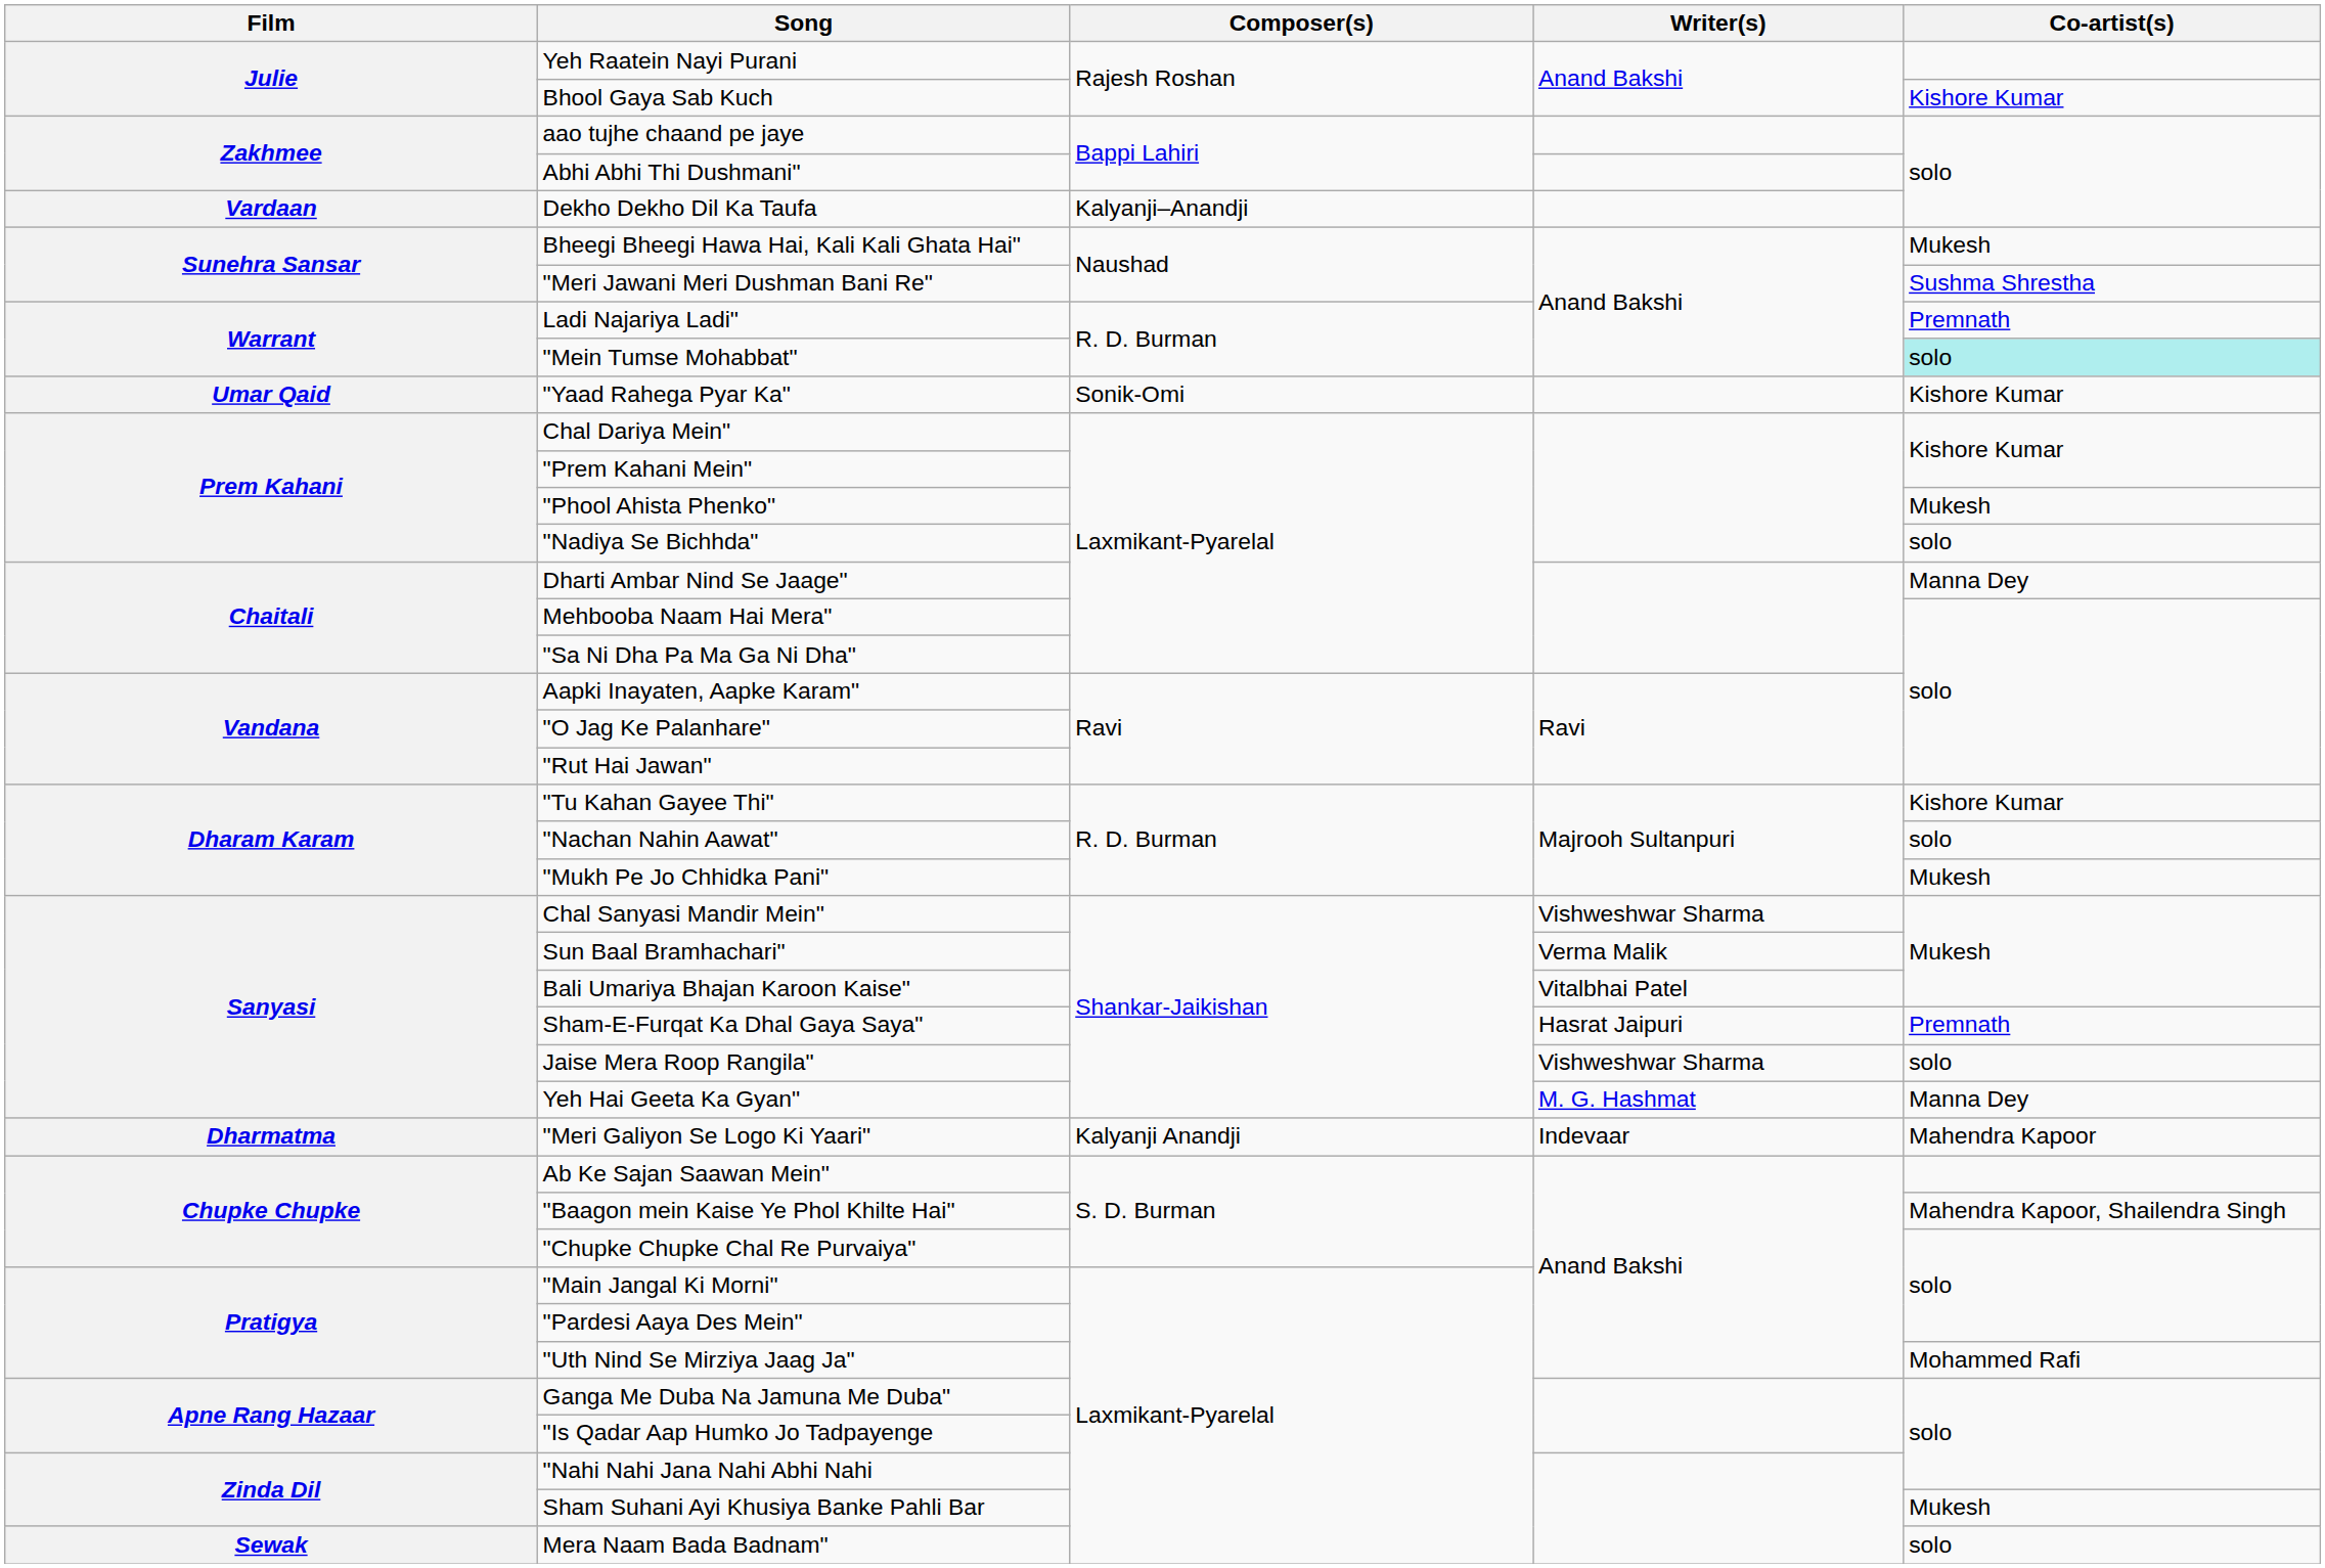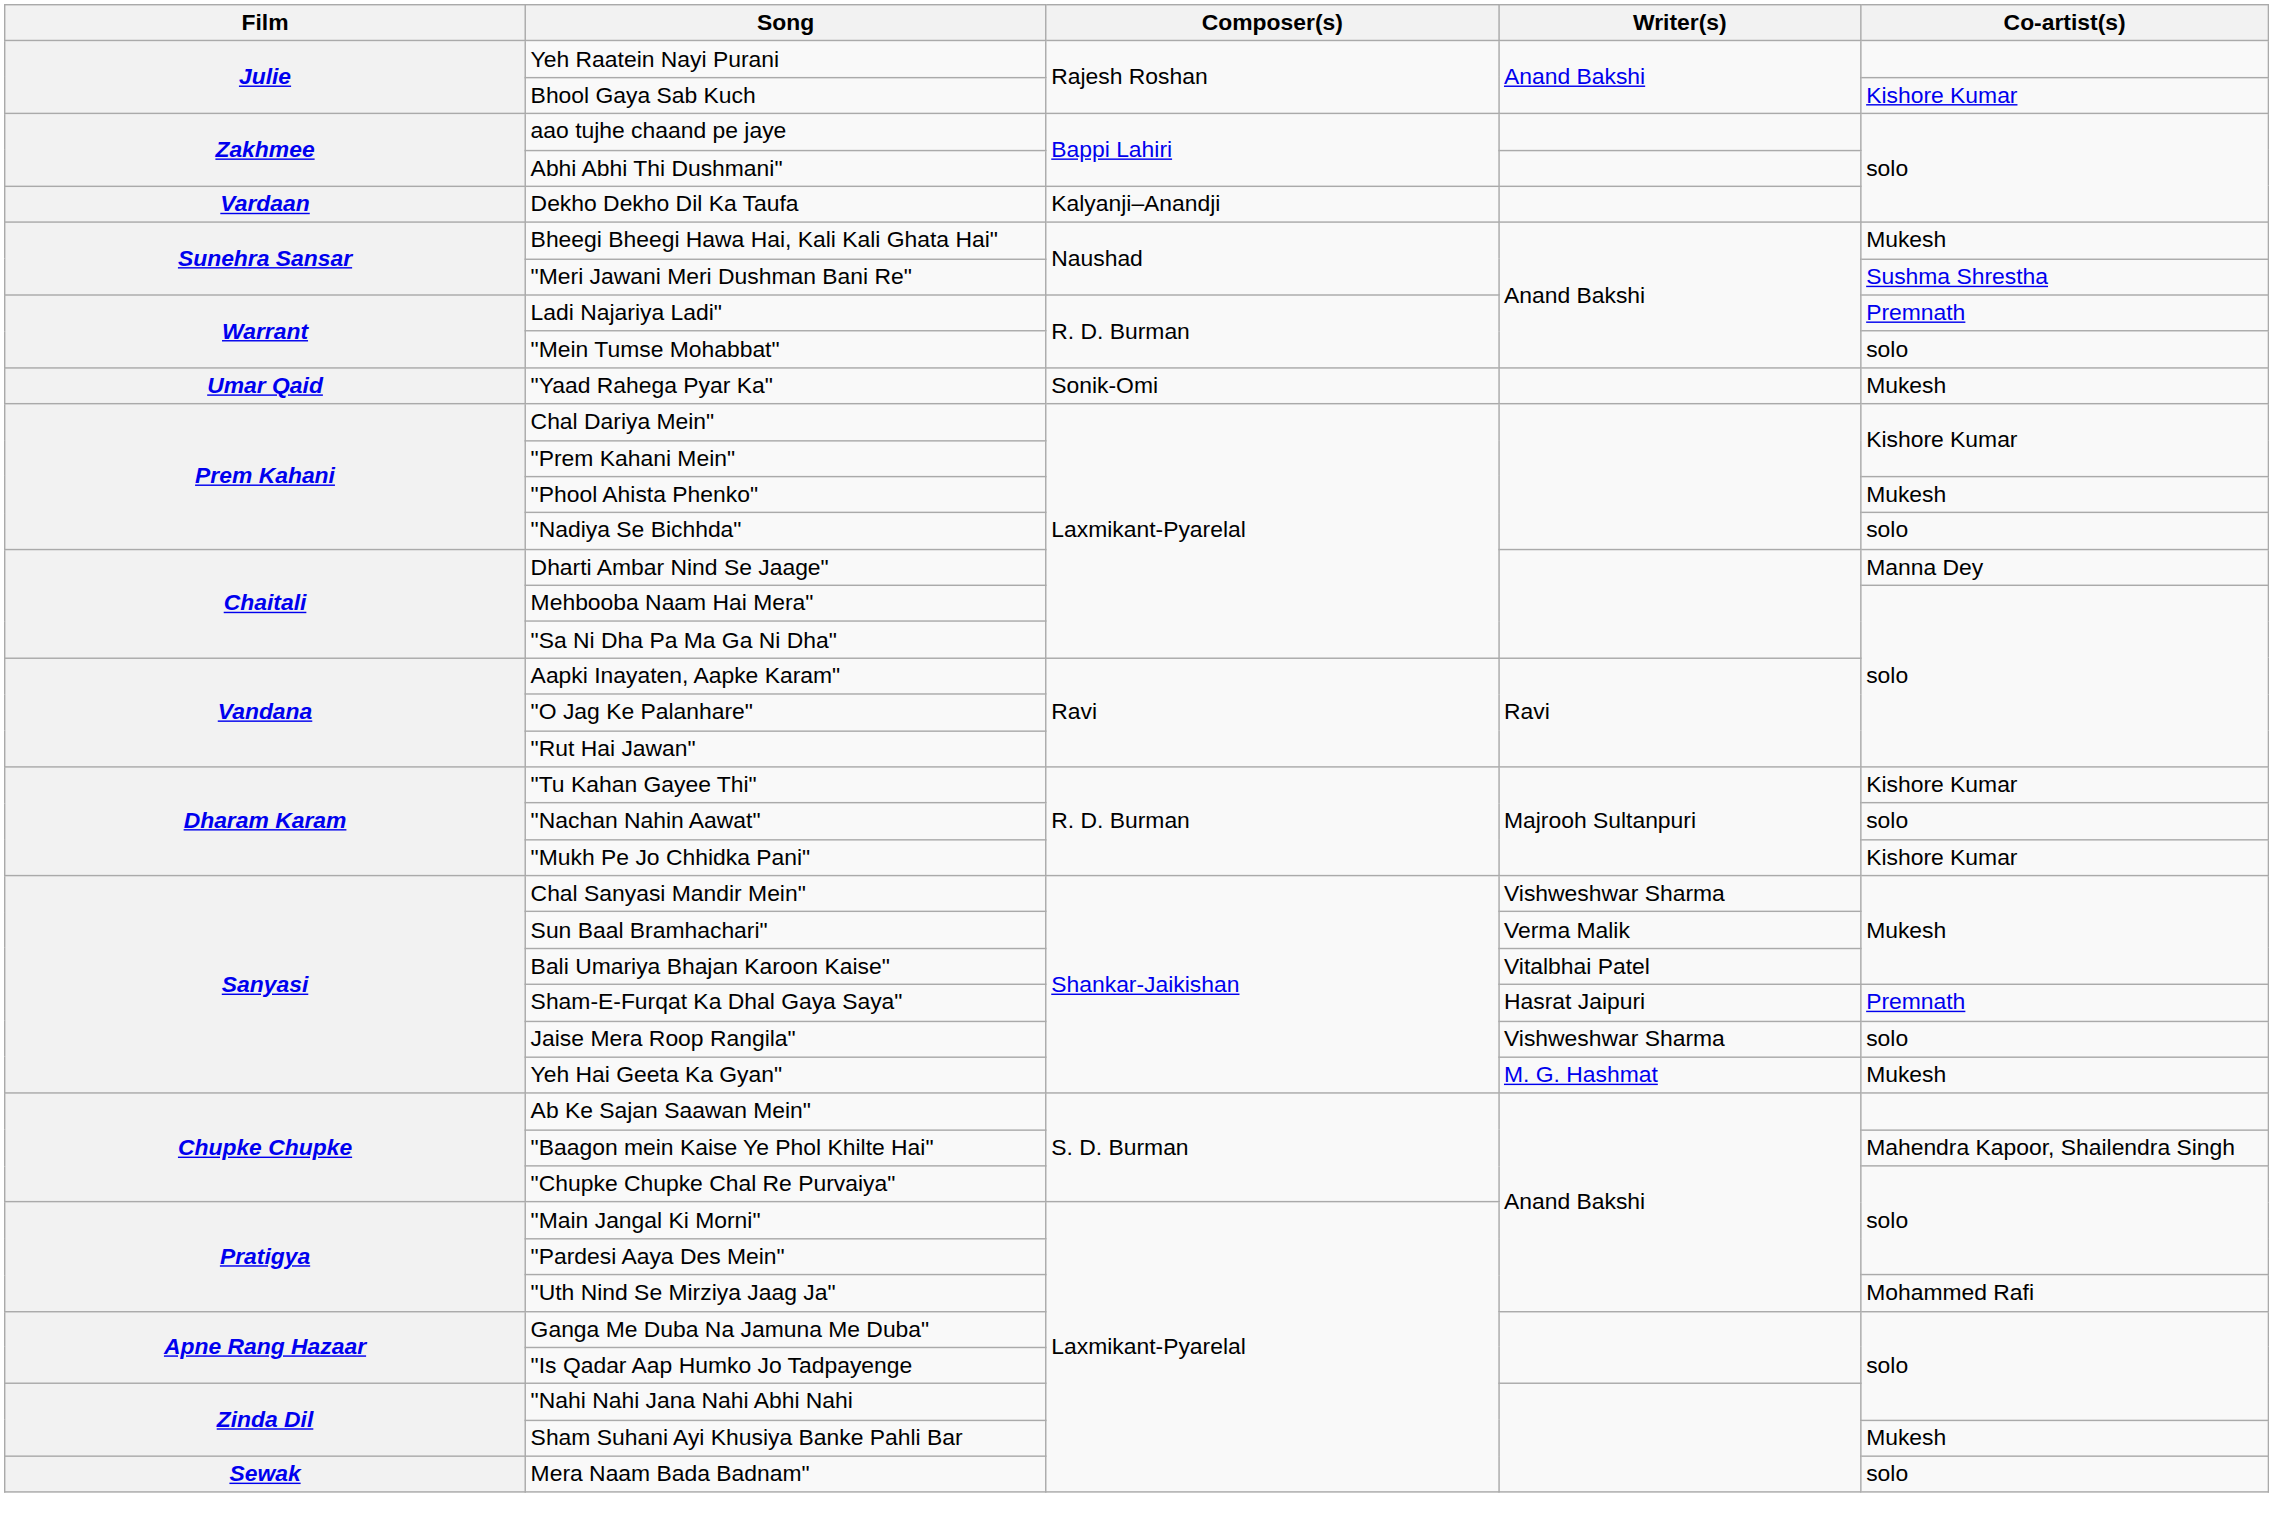 <table class="wikitable plainrowheaders" style="width:100%; textcolor:#000">
 <tr style="background:#b0e0e66;">
 <th scope="col" style="width:23%;"><strong>Film</strong></th>
 <th scope="col" style="width:23%;"><strong>Song</strong></th>
 <th scope="col" style="width:20%;"><strong>Composer(s)</strong></th>
 <th scope="col" style="width:16%;"><strong>Writer(s)</strong></th>
 <th scope="col" style="width:18%;"><strong>Co-artist(s)</strong></th>
 </tr>
 <tr>
 <th Rowspan=2><em><a href='#'>Julie</a></em></th>
 <td>Yeh Raatein Nayi Purani</td>
 <td rowspan=2>Rajesh Roshan</td>
 <td rowspan=2><a href='#'>Anand Bakshi</a></td>
 <td></td>
 </tr>
 <tr>
 <td>Bhool Gaya Sab Kuch</td>
 <td><a href='#'>Kishore Kumar</a></td>
 </tr>
 <tr>
 <th rowspan=2><em><a href='#'>Zakhmee</a></em></th>
 <td>aao tujhe chaand pe jaye</td>
 <td rowspan=2><a href='#'>Bappi Lahiri</a></td>
 <td></td>
 <td rowspan=3>solo</td>
 </tr>
 <tr>
 <td>Abhi Abhi Thi Dushmani"</td>
 <td></td>
 </tr>
 <tr>
 <th><em><a href='#'>Vardaan</a></em></th>
 <td>Dekho Dekho Dil Ka Taufa</td>
 <td>Kalyanji–Anandji</td>
 <td></td>
 </tr>
 <tr>
 <th Rowspan=2><em><a href='#'>Sunehra Sansar</a></em></th>
 <td>Bheegi Bheegi Hawa Hai, Kali Kali Ghata Hai"</td>
 <td rowspan=2>Naushad</td>
 <td rowspan=4>Anand Bakshi</td>
 <td>Mukesh</td>
 </tr>
 <tr>
 <td>"Meri Jawani Meri Dushman Bani Re"</td>
 <td><a href='#'>Sushma Shrestha</a></td>
 </tr>
 <tr>
 <th Rowspan=2><em><a href='#'>Warrant</a></em></th>
 <td>Ladi Najariya Ladi"</td>
 <td rowspan=2>R. D. Burman</td>
 <td><a href='#'>Premnath</a></td>
 </tr>
 <tr>
 <td>"Mein Tumse Mohabbat"</td>
-<td style="background: paleturquoise;">solo</td>
+<td>solo</td>
 </tr>
 <tr>
 <th><em><a href='#'>Umar Qaid</a></em></th>
 <td>"Yaad Rahega Pyar Ka"</td>
 <td>Sonik-Omi</td>
 <td></td>
-<td>Kishore Kumar</td>
+<td>Mukesh</td>
 </tr>
 <tr>
 <th Rowspan=4><em><a href='#'>Prem Kahani</a></em></th>
 <td>Chal Dariya Mein"</td>
 <td rowspan=7>Laxmikant-Pyarelal</td>
 <td rowspan=4></td>
 <td rowspan=2>Kishore Kumar</td>
 </tr>
 <tr>
 <td>"Prem Kahani Mein"</td>
 </tr>
 <tr>
 <td>"Phool Ahista Phenko"</td>
 <td>Mukesh</td>
 </tr>
 <tr>
 <td>"Nadiya Se Bichhda"</td>
 <td>solo</td>
 </tr>
 <tr>
 <th Rowspan=3><em><a href='#'>Chaitali</a></em></th>
 <td>Dharti Ambar Nind Se Jaage"</td>
 <td rowspan=3></td>
 <td>Manna Dey</td>
 </tr>
 <tr>
 <td>Mehbooba Naam Hai Mera"</td>
 <td rowspan=5>solo</td>
 </tr>
 <tr>
 <td>"Sa Ni Dha Pa Ma Ga Ni Dha"</td>
 </tr>
 <tr>
 <th rowspan=3><em><a href='#'>Vandana</a></em></th>
 <td>Aapki Inayaten, Aapke Karam"</td>
 <td rowspan=3>Ravi</td>
 <td rowspan=3>Ravi</td>
 </tr>
 <tr>
 <td>"O Jag Ke Palanhare"</td>
 </tr>
 <tr>
 <td>"Rut Hai Jawan"</td>
 </tr>
 <tr>
 <th Rowspan=3><em><a href='#'>Dharam Karam</a></em></th>
 <td>"Tu Kahan Gayee Thi"</td>
 <td rowspan=3>R. D. Burman</td>
 <td rowspan=3>Majrooh Sultanpuri</td>
 <td>Kishore Kumar</td>
 </tr>
 <tr>
 <td>"Nachan Nahin Aawat"</td>
 <td>solo</td>
 </tr>
 <tr>
 <td>"Mukh Pe Jo Chhidka Pani"</td>
-<td>Mukesh</td>
+<td>Kishore Kumar</td>
 </tr>
 <tr>
 <th Rowspan=6><em><a href='#'>Sanyasi</a></em></th>
 <td>Chal Sanyasi Mandir Mein"</td>
 <td rowspan=6><a href='#'>Shankar-Jaikishan</a></td>
 <td>Vishweshwar Sharma</td>
 <td rowspan=3>Mukesh</td>
 </tr>
 <tr>
 <td>Sun Baal Bramhachari"</td>
 <td>Verma Malik</td>
 </tr>
 <tr>
 <td>Bali Umariya Bhajan Karoon Kaise"</td>
 <td>Vitalbhai Patel</td>
 </tr>
 <tr>
 <td>Sham-E-Furqat Ka Dhal Gaya Saya"</td>
 <td>Hasrat Jaipuri</td>
 <td><a href='#'>Premnath</a></td>
 </tr>
 <tr>
 <td>Jaise Mera Roop Rangila"</td>
 <td>Vishweshwar Sharma</td>
 <td>solo</td>
 </tr>
 <tr>
 <td>Yeh Hai Geeta Ka Gyan"</td>
 <td><a href='#'>M. G. Hashmat</a></td>
-<td>Manna Dey</td>
-</tr>
-<tr>
-<th><em><a href='#'>Dharmatma</a></em></th>
-<td>"Meri Galiyon Se Logo Ki Yaari"</td>
-<td>Kalyanji Anandji</td>
-<td>Indevaar</td>
-<td>Mahendra Kapoor</td>
+<td>Mukesh</td>
 </tr>
 <tr>
 <th Rowspan=3><em><a href='#'>Chupke Chupke</a></em></th>
 <td>Ab Ke Sajan Saawan Mein"</td>
 <td rowspan=3>S. D. Burman</td>
 <td rowspan=6>Anand Bakshi</td>
 <td></td>
 </tr>
 <tr>
 <td>"Baagon mein Kaise Ye Phol Khilte Hai"</td>
 <td>Mahendra Kapoor, Shailendra Singh</td>
 </tr>
 <tr>
 <td>"Chupke Chupke Chal Re Purvaiya"</td>
 <td rowspan=3>solo</td>
 </tr>
 <tr>
 <th Rowspan=3><em><a href='#'>Pratigya</a></em></th>
 <td>"Main Jangal Ki Morni"</td>
 <td rowspan=8>Laxmikant-Pyarelal</td>
 </tr>
 <tr>
 <td>"Pardesi Aaya Des Mein"</td>
 </tr>
 <tr>
 <td>"Uth Nind Se Mirziya Jaag Ja"</td>
 <td>Mohammed Rafi</td>
 </tr>
 <tr>
 <th rowspan=2><em><a href='#'>Apne Rang Hazaar</a></em></th>
 <td>Ganga Me Duba Na Jamuna Me Duba"</td>
 <td rowspan=2></td>
 <td rowspan=3>solo</td>
 </tr>
 <tr>
 <td>"Is Qadar Aap Humko Jo Tadpayenge</td>
 </tr>
 <tr>
 <th Rowspan=2><em><a href='#'>Zinda Dil</a></em></th>
 <td>"Nahi Nahi Jana Nahi Abhi Nahi</td>
 <td rowspan=3></td>
 </tr>
 <tr>
 <td>Sham Suhani Ayi Khusiya Banke Pahli Bar</td>
 <td>Mukesh</td>
 </tr>
 <tr>
 <th><em><a href='#'>Sewak</a></em></th>
 <td>Mera Naam Bada Badnam"</td>
 <td>solo</td>
 </tr>
 </table>
